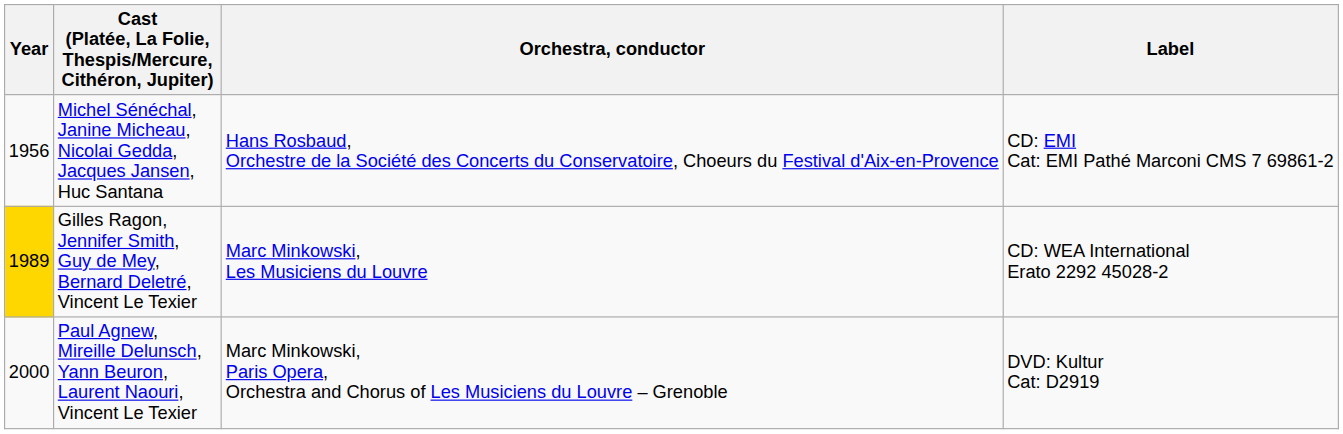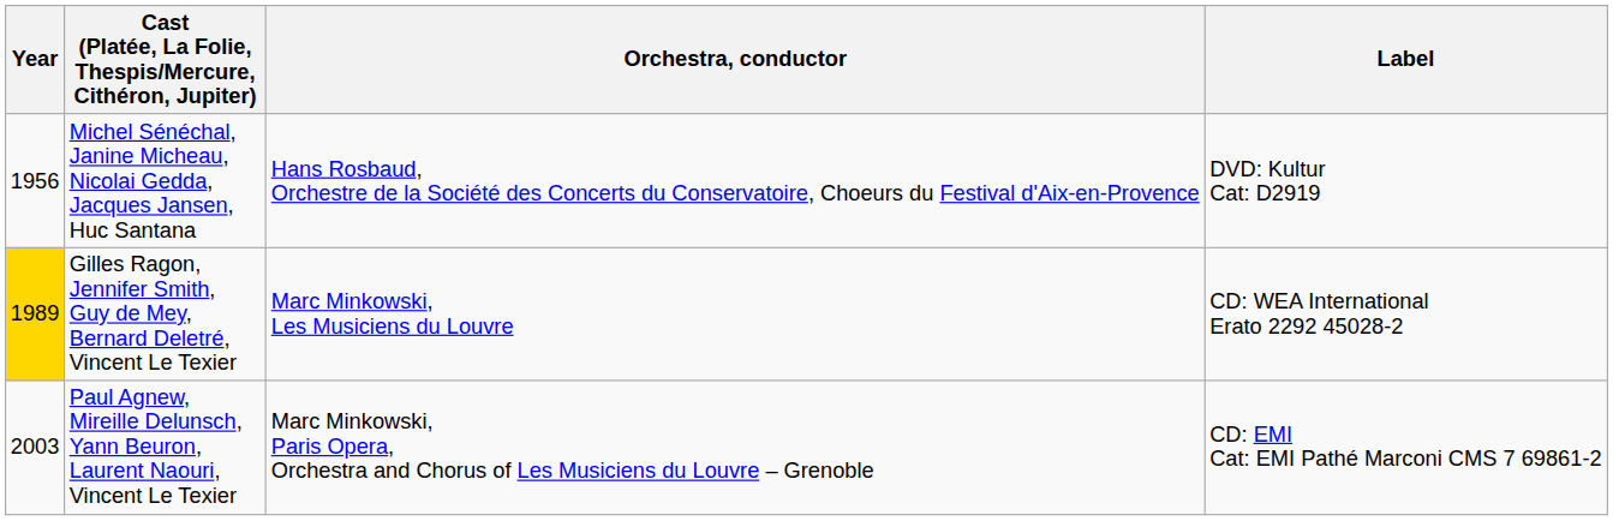 <table class="wikitable">
 <tr>
 <th>Year</th>
 <th width="140">Cast<br>(Platée, La Folie, Thespis/Mercure, Cithéron, Jupiter)</th>
 <th>Orchestra, conductor</th>
 <th>Label</th>
 </tr>
 <tr>
 <td>1956</td>
 <td><a href='#'>Michel Sénéchal</a>,<br><a href='#'>Janine Micheau</a>,<br><a href='#'>Nicolai Gedda</a>,<br><a href='#'>Jacques Jansen</a>,<br>Huc Santana</td>
 <td><a href='#'>Hans Rosbaud</a>,<br><a href='#'>Orchestre de la Société des Concerts du Conservatoire</a>, Choeurs du <a href='#'>Festival d'Aix-en-Provence</a></td>
-<td>CD: <a href='#'>EMI</a><br>Cat: EMI Pathé Marconi CMS 7 69861-2</td>
+<td>DVD: Kultur<br>Cat: D2919</td>
 </tr>
 <tr>
 <td style="background: gold;">1989</td>
 <td>Gilles Ragon,<br><a href='#'>Jennifer Smith</a>,<br><a href='#'>Guy de Mey</a>,<br><a href='#'>Bernard Deletré</a>,<br>Vincent Le Texier</td>
 <td><a href='#'>Marc Minkowski</a>,<br><a href='#'>Les Musiciens du Louvre</a></td>
 <td>CD: WEA International <br>Erato 2292 45028-2</td>
 </tr>
 <tr>
-<td>2000</td>
+<td>2003</td>
 <td><a href='#'>Paul Agnew</a>,<br><a href='#'>Mireille Delunsch</a>,<br><a href='#'>Yann Beuron</a>,<br><a href='#'>Laurent Naouri</a>,<br>Vincent Le Texier</td>
 <td>Marc Minkowski,<br><a href='#'>Paris Opera</a>,<br>Orchestra and Chorus of <a href='#'>Les Musiciens du Louvre</a> – Grenoble</td>
-<td>DVD: Kultur<br>Cat: D2919</td>
+<td>CD: <a href='#'>EMI</a><br>Cat: EMI Pathé Marconi CMS 7 69861-2</td>
 </tr>
 </table>
